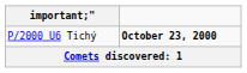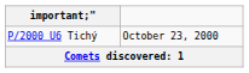 <table class="wikitable" style="font-size: 89%; float: left; width: 24em; margin-right: 1em; line-height: 1.6em">
 <tr>
 <th>important;"</th>
 </tr>
 <tr>
 <td><a href='#'>P/2000 U6</a> Tichý</td>
-<td><strong>October 23, 2000</strong></td>
+<td>October 23, 2000</td>
 </tr>
 <tr>
 <th colspan="2" style="white-space: nowrap;"><a href='#'>Comets</a> discovered: 1</th>
 </tr>
 </table>
